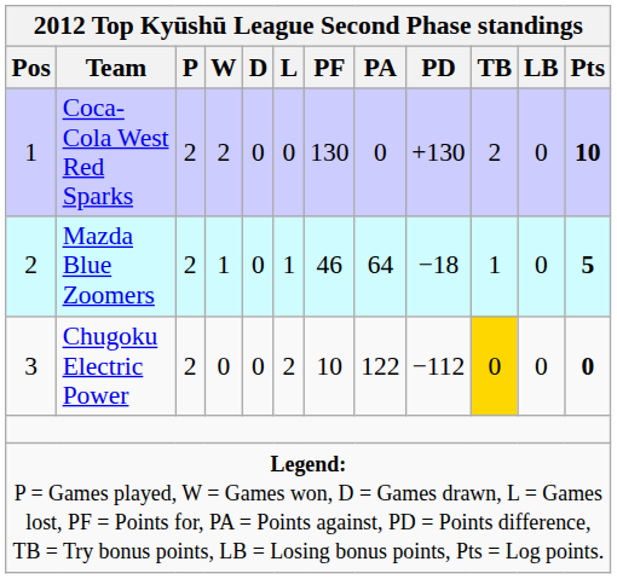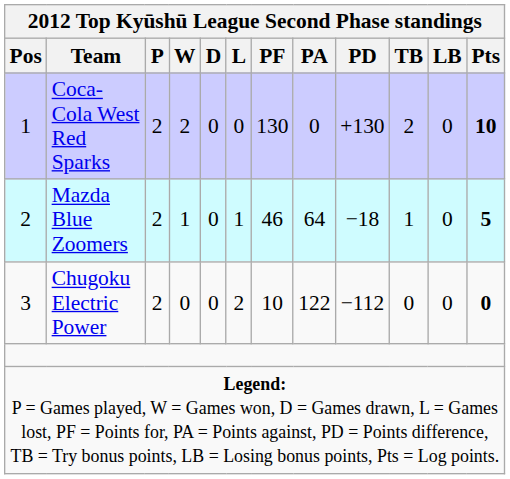 <table class="wikitable" style="text-align:center; font-size:100%; width:60%;">
 <tr>
 <th colspan="100%" cellpadding="0" cellspacing="0"><strong>2012 Top Kyūshū League Second Phase standings</strong></th>
 </tr>
 <tr>
 <th style="width:6%;">Pos</th>
 <th style="width:34%;">Team</th>
 <th style="width:6%;">P</th>
 <th style="width:6%;">W</th>
 <th style="width:6%;">D</th>
 <th style="width:6%;">L</th>
 <th style="width:6%;">PF</th>
 <th style="width:6%;">PA</th>
 <th style="width:6%;">PD</th>
 <th style="width:6%;">TB</th>
 <th style="width:6%;">LB</th>
 <th style="width:6%;">Pts<br></th>
 </tr>
 <tr style="background:#CCCCFF;">
 <td>1</td>
 <td style="text-align:left;"><a href='#'>Coca-Cola West Red Sparks</a></td>
 <td>2</td>
 <td>2</td>
 <td>0</td>
 <td>0</td>
 <td>130</td>
 <td>0</td>
 <td>+130</td>
 <td>2</td>
 <td>0</td>
 <td><strong>10</strong></td>
 </tr>
 <tr style="background:#CFFCFF;">
 <td>2</td>
 <td style="text-align:left;"><a href='#'>Mazda Blue Zoomers</a></td>
 <td>2</td>
 <td>1</td>
 <td>0</td>
 <td>1</td>
 <td>46</td>
 <td>64</td>
 <td>−18</td>
 <td>1</td>
 <td>0</td>
 <td><strong>5</strong></td>
 </tr>
 <tr>
 <td>3</td>
 <td style="text-align:left;"><a href='#'>Chugoku Electric Power</a></td>
 <td>2</td>
 <td>0</td>
 <td>0</td>
 <td>2</td>
 <td>10</td>
 <td>122</td>
 <td>−112</td>
-<td style="background: gold;">0</td>
+<td>0</td>
 <td>0</td>
 <td><strong>0</strong></td>
 </tr>
 <tr>
 <td colspan="100%" style="height:10px;"></td>
 </tr>
 <tr>
 <td colspan="100%"><small><strong>Legend:</strong> <br> P = Games played, W = Games won, D = Games drawn, L = Games lost, PF = Points for, PA = Points against, PD = Points difference, TB = Try bonus points, LB = Losing bonus points, Pts = Log points.</small></td>
 </tr>
 </table>
